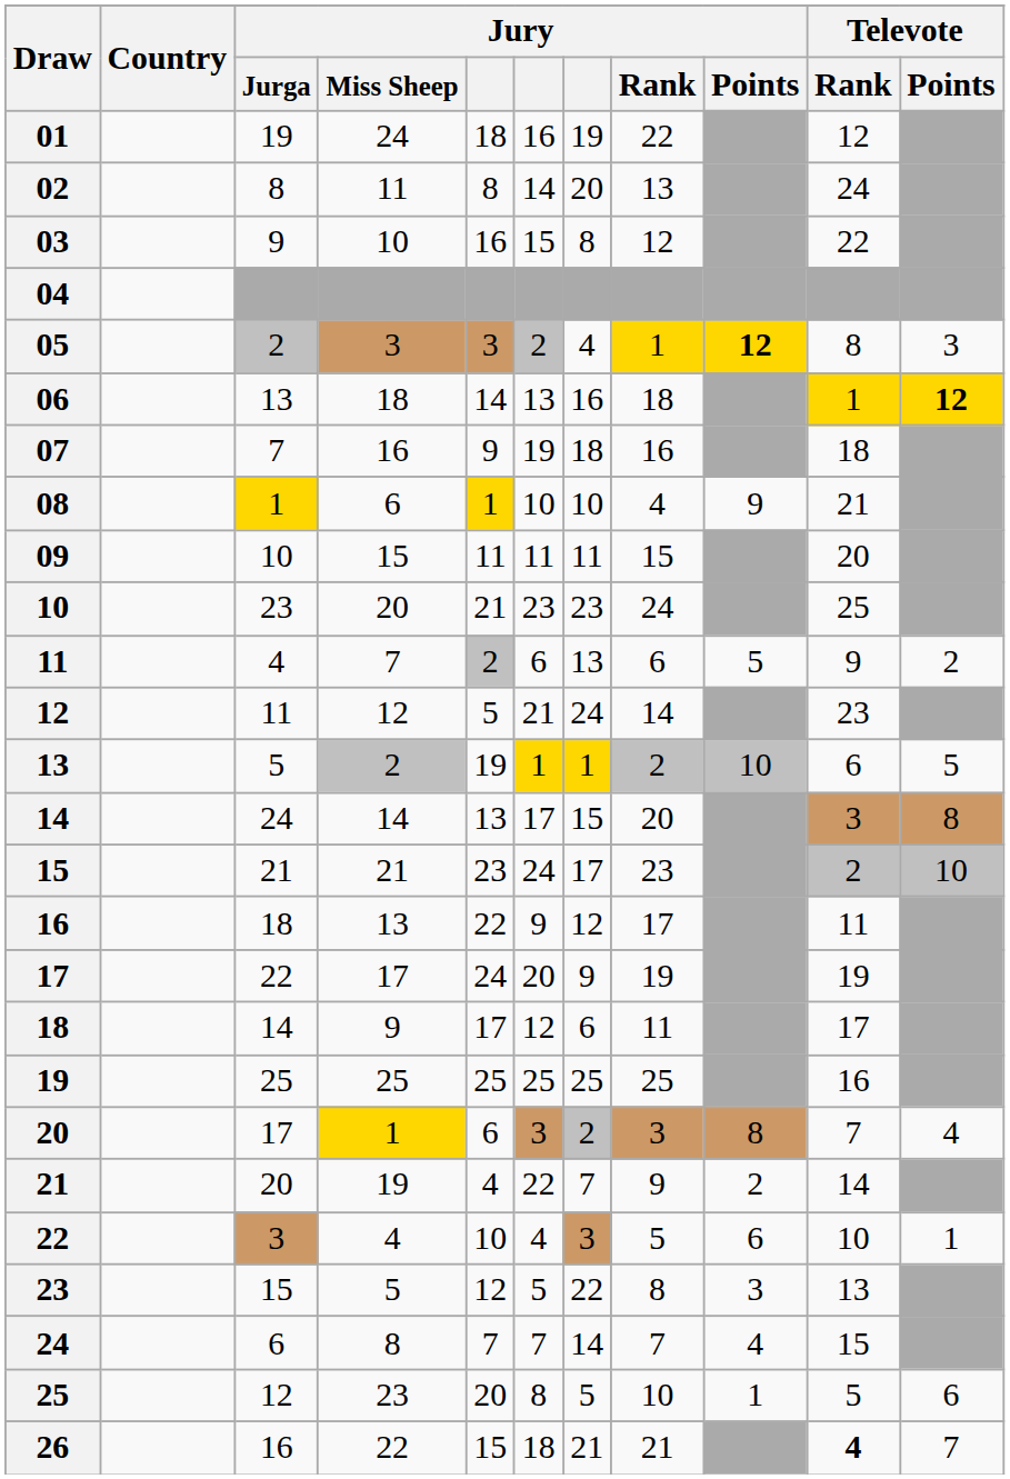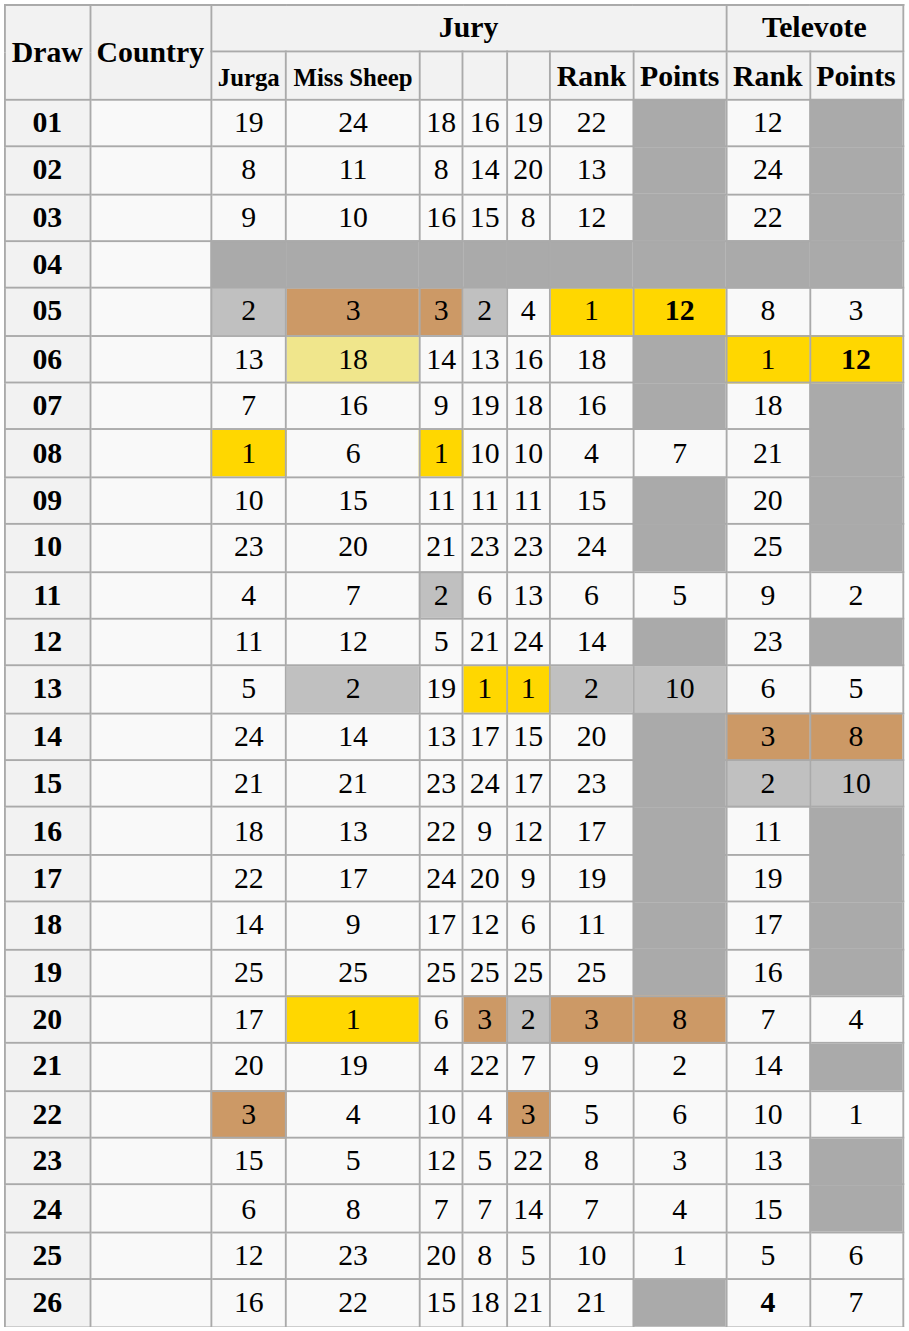 <table class="sortable wikitable collapsible plainrowheaders" style="text-align:center">
 <tr>
 </tr>
 <tr>
 <th scope="col" rowspan="2">Draw</th>
 <th scope="col" rowspan="2">Country</th>
 <th scope="col" colspan="7">Jury</th>
 <th scope="col" colspan="2">Televote</th>
 </tr>
 <tr>
 <th scope="col"><small>Jurga</small></th>
 <th scope="col"><small>Miss Sheep</small></th>
 <th scope="col"><small></small></th>
 <th scope="col"><small></small></th>
 <th scope="col"><small></small></th>
 <th scope="col">Rank</th>
 <th scope="col">Points</th>
 <th scope="col">Rank</th>
 <th scope="col">Points</th>
 </tr>
 <tr>
 <th scope="row" style="text-align:center;">01</th>
 <td style="text-align:left;"></td>
 <td>19</td>
 <td>24</td>
 <td>18</td>
 <td>16</td>
 <td>19</td>
 <td>22</td>
 <td style="background:#AAAAAA;"></td>
 <td>12</td>
 <td style="background:#AAAAAA;"></td>
 </tr>
 <tr>
 <th scope="row" style="text-align:center;">02</th>
 <td style="text-align:left;"></td>
 <td>8</td>
 <td>11</td>
 <td>8</td>
 <td>14</td>
 <td>20</td>
 <td>13</td>
 <td style="background:#AAAAAA;"></td>
 <td>24</td>
 <td style="background:#AAAAAA;"></td>
 </tr>
 <tr>
 <th scope="row" style="text-align:center;">03</th>
 <td style="text-align:left;"></td>
 <td>9</td>
 <td>10</td>
 <td>16</td>
 <td>15</td>
 <td>8</td>
 <td>12</td>
 <td style="background:#AAAAAA;"></td>
 <td>22</td>
 <td style="background:#AAAAAA;"></td>
 </tr>
 <tr class="sortbottom">
 <th scope="row" style="text-align:center;">04</th>
 <td style="text-align:left;"></td>
 <td style="background:#AAAAAA;"></td>
 <td style="background:#AAAAAA;"></td>
 <td style="background:#AAAAAA;"></td>
 <td style="background:#AAAAAA;"></td>
 <td style="background:#AAAAAA;"></td>
 <td style="background:#AAAAAA;"></td>
 <td style="background:#AAAAAA;"></td>
 <td style="background:#AAAAAA;"></td>
 <td style="background:#AAAAAA;"></td>
 </tr>
 <tr>
 <th scope="row" style="text-align:center;">05</th>
 <td style="text-align:left;"></td>
 <td style="background:silver;">2</td>
 <td style="background:#CC9966;">3</td>
 <td style="background:#CC9966;">3</td>
 <td style="background:silver;">2</td>
 <td>4</td>
 <td style="background:gold;">1</td>
 <td style="background:gold;"><strong>12</strong></td>
 <td>8</td>
 <td>3</td>
 </tr>
 <tr>
 <th scope="row" style="text-align:center;">06</th>
 <td style="text-align:left;"></td>
 <td>13</td>
-<td>18</td>
+<td style="background: khaki;">18</td>
 <td>14</td>
 <td>13</td>
 <td>16</td>
 <td>18</td>
 <td style="background:#AAAAAA;"></td>
 <td style="background:gold;">1</td>
 <td style="background:gold;"><strong>12</strong></td>
 </tr>
 <tr>
 <th scope="row" style="text-align:center;">07</th>
 <td style="text-align:left;"></td>
 <td>7</td>
 <td>16</td>
 <td>9</td>
 <td>19</td>
 <td>18</td>
 <td>16</td>
 <td style="background:#AAAAAA;"></td>
 <td>18</td>
 <td style="background:#AAAAAA;"></td>
 </tr>
 <tr>
 <th scope="row" style="text-align:center;">08</th>
 <td style="text-align:left;"></td>
 <td style="background:gold;">1</td>
 <td>6</td>
 <td style="background:gold;">1</td>
 <td>10</td>
 <td>10</td>
 <td>4</td>
-<td>9</td>
+<td>7</td>
 <td>21</td>
 <td style="background:#AAAAAA;"></td>
 </tr>
 <tr>
 <th scope="row" style="text-align:center;">09</th>
 <td style="text-align:left;"></td>
 <td>10</td>
 <td>15</td>
 <td>11</td>
 <td>11</td>
 <td>11</td>
 <td>15</td>
 <td style="background:#AAAAAA;"></td>
 <td>20</td>
 <td style="background:#AAAAAA;"></td>
 </tr>
 <tr>
 <th scope="row" style="text-align:center;">10</th>
 <td style="text-align:left;"></td>
 <td>23</td>
 <td>20</td>
 <td>21</td>
 <td>23</td>
 <td>23</td>
 <td>24</td>
 <td style="background:#AAAAAA;"></td>
 <td>25</td>
 <td style="background:#AAAAAA;"></td>
 </tr>
 <tr>
 <th scope="row" style="text-align:center;">11</th>
 <td style="text-align:left;"></td>
 <td>4</td>
 <td>7</td>
 <td style="background:silver;">2</td>
 <td>6</td>
 <td>13</td>
 <td>6</td>
 <td>5</td>
 <td>9</td>
 <td>2</td>
 </tr>
 <tr>
 <th scope="row" style="text-align:center;">12</th>
 <td style="text-align:left;"></td>
 <td>11</td>
 <td>12</td>
 <td>5</td>
 <td>21</td>
 <td>24</td>
 <td>14</td>
 <td style="background:#AAAAAA;"></td>
 <td>23</td>
 <td style="background:#AAAAAA;"></td>
 </tr>
 <tr>
 <th scope="row" style="text-align:center;">13</th>
 <td style="text-align:left;"></td>
 <td>5</td>
 <td style="background:silver;">2</td>
 <td>19</td>
 <td style="background:gold;">1</td>
 <td style="background:gold;">1</td>
 <td style="background:silver;">2</td>
 <td style="background:silver;">10</td>
 <td>6</td>
 <td>5</td>
 </tr>
 <tr>
 <th scope="row" style="text-align:center;">14</th>
 <td style="text-align:left;"></td>
 <td>24</td>
 <td>14</td>
 <td>13</td>
 <td>17</td>
 <td>15</td>
 <td>20</td>
 <td style="background:#AAAAAA;"></td>
 <td style="background:#CC9966;">3</td>
 <td style="background:#CC9966;">8</td>
 </tr>
 <tr>
 <th scope="row" style="text-align:center;">15</th>
 <td style="text-align:left;"></td>
 <td>21</td>
 <td>21</td>
 <td>23</td>
 <td>24</td>
 <td>17</td>
 <td>23</td>
 <td style="background:#AAAAAA;"></td>
 <td style="background:silver;">2</td>
 <td style="background:silver;">10</td>
 </tr>
 <tr>
 <th scope="row" style="text-align:center;">16</th>
 <td style="text-align:left;"></td>
 <td>18</td>
 <td>13</td>
 <td>22</td>
 <td>9</td>
 <td>12</td>
 <td>17</td>
 <td style="background:#AAAAAA;"></td>
 <td>11</td>
 <td style="background:#AAAAAA;"></td>
 </tr>
 <tr>
 <th scope="row" style="text-align:center;">17</th>
 <td style="text-align:left;"></td>
 <td>22</td>
 <td>17</td>
 <td>24</td>
 <td>20</td>
 <td>9</td>
 <td>19</td>
 <td style="background:#AAAAAA;"></td>
 <td>19</td>
 <td style="background:#AAAAAA;"></td>
 </tr>
 <tr>
 <th scope="row" style="text-align:center;">18</th>
 <td style="text-align:left;"></td>
 <td>14</td>
 <td>9</td>
 <td>17</td>
 <td>12</td>
 <td>6</td>
 <td>11</td>
 <td style="background:#AAAAAA;"></td>
 <td>17</td>
 <td style="background:#AAAAAA;"></td>
 </tr>
 <tr>
 <th scope="row" style="text-align:center;">19</th>
 <td style="text-align:left;"></td>
 <td>25</td>
 <td>25</td>
 <td>25</td>
 <td>25</td>
 <td>25</td>
 <td>25</td>
 <td style="background:#AAAAAA;"></td>
 <td>16</td>
 <td style="background:#AAAAAA;"></td>
 </tr>
 <tr>
 <th scope="row" style="text-align:center;">20</th>
 <td style="text-align:left;"></td>
 <td>17</td>
 <td style="background:gold;">1</td>
 <td>6</td>
 <td style="background:#CC9966;">3</td>
 <td style="background:silver;">2</td>
 <td style="background:#CC9966;">3</td>
 <td style="background:#CC9966;">8</td>
 <td>7</td>
 <td>4</td>
 </tr>
 <tr>
 <th scope="row" style="text-align:center;">21</th>
 <td style="text-align:left;"></td>
 <td>20</td>
 <td>19</td>
 <td>4</td>
 <td>22</td>
 <td>7</td>
 <td>9</td>
 <td>2</td>
 <td>14</td>
 <td style="background:#AAAAAA;"></td>
 </tr>
 <tr>
 <th scope="row" style="text-align:center;">22</th>
 <td style="text-align:left;"></td>
 <td style="background:#CC9966;">3</td>
 <td>4</td>
 <td>10</td>
 <td>4</td>
 <td style="background:#CC9966;">3</td>
 <td>5</td>
 <td>6</td>
 <td>10</td>
 <td>1</td>
 </tr>
 <tr>
 <th scope="row" style="text-align:center;">23</th>
 <td style="text-align:left;"></td>
 <td>15</td>
 <td>5</td>
 <td>12</td>
 <td>5</td>
 <td>22</td>
 <td>8</td>
 <td>3</td>
 <td>13</td>
 <td style="background:#AAAAAA;"></td>
 </tr>
 <tr>
 <th scope="row" style="text-align:center;">24</th>
 <td style="text-align:left;"></td>
 <td>6</td>
 <td>8</td>
 <td>7</td>
 <td>7</td>
 <td>14</td>
 <td>7</td>
 <td>4</td>
 <td>15</td>
 <td style="background:#AAAAAA;"></td>
 </tr>
 <tr>
 <th scope="row" style="text-align:center;">25</th>
 <td style="text-align:left;"></td>
 <td>12</td>
 <td>23</td>
 <td>20</td>
 <td>8</td>
 <td>5</td>
 <td>10</td>
 <td>1</td>
 <td>5</td>
 <td>6</td>
 </tr>
 <tr>
 <th scope="row" style="text-align:center;">26</th>
 <td style="text-align:left;"></td>
 <td>16</td>
 <td>22</td>
 <td>15</td>
 <td>18</td>
 <td>21</td>
 <td>21</td>
 <td style="background:#AAAAAA;"></td>
 <td><strong>4</strong></td>
 <td>7</td>
 </tr>
 </table>
